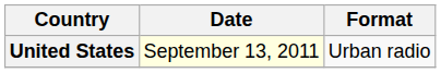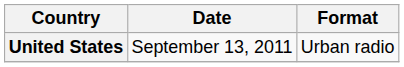 <table class="wikitable plainrowheaders">
 <tr>
 <th scope="col">Country</th>
 <th scope="col">Date</th>
 <th scope="col">Format</th>
 </tr>
 <tr>
 <th scope="row">United States</th>
-<td style="background: lightyellow;">September 13, 2011</td>
+<td>September 13, 2011</td>
 <td>Urban radio</td>
 </tr>
 <tr>
 </tr>
 </table>
